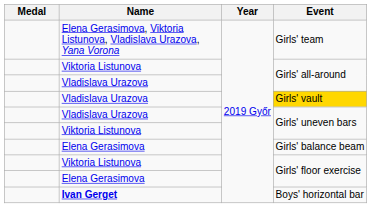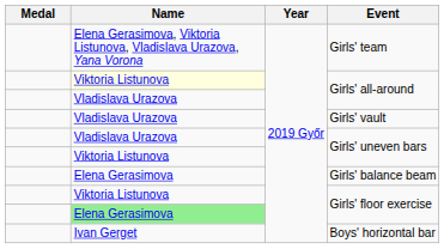 <table class="wikitable sortable">
 <tr>
 <th style="width:5em;">Medal</th>
 <th width=250>Name</th>
 <th>Year</th>
 <th>Event</th>
 </tr>
 <tr>
 <td></td>
 <td><a href='#'>Elena Gerasimova</a>, <a href='#'>Viktoria Listunova</a>, <a href='#'>Vladislava Urazova</a>, <em><a href='#'>Yana Vorona</a></em></td>
 <td rowspan="10"> <a href='#'>2019 Győr</a></td>
 <td>Girls' team</td>
 </tr>
 <tr>
 <td></td>
-<td><a href='#'>Viktoria Listunova</a></td>
+<td style="background: lightyellow;"><a href='#'>Viktoria Listunova</a></td>
 <td rowspan="2">Girls' all-around</td>
 </tr>
 <tr>
 <td></td>
 <td><a href='#'>Vladislava Urazova</a></td>
 </tr>
 <tr>
 <td></td>
 <td><a href='#'>Vladislava Urazova</a></td>
-<td style="background: gold;">Girls' vault</td>
+<td>Girls' vault</td>
 </tr>
 <tr>
 <td></td>
 <td><a href='#'>Vladislava Urazova</a></td>
 <td rowspan="2">Girls' uneven bars</td>
 </tr>
 <tr>
 <td></td>
 <td><a href='#'>Viktoria Listunova</a></td>
 </tr>
 <tr>
 <td></td>
 <td><a href='#'>Elena Gerasimova</a></td>
 <td>Girls' balance beam</td>
 </tr>
 <tr>
 <td></td>
 <td><a href='#'>Viktoria Listunova</a></td>
 <td rowspan="2">Girls' floor exercise</td>
 </tr>
 <tr>
 <td></td>
-<td><a href='#'>Elena Gerasimova</a></td>
+<td style="background: lightgreen;"><a href='#'>Elena Gerasimova</a></td>
 </tr>
 <tr>
 <td></td>
-<td><strong><a href='#'>Ivan Gerget</a></strong></td>
+<td><a href='#'>Ivan Gerget</a></td>
 <td>Boys' horizontal bar</td>
 </tr>
 </table>
